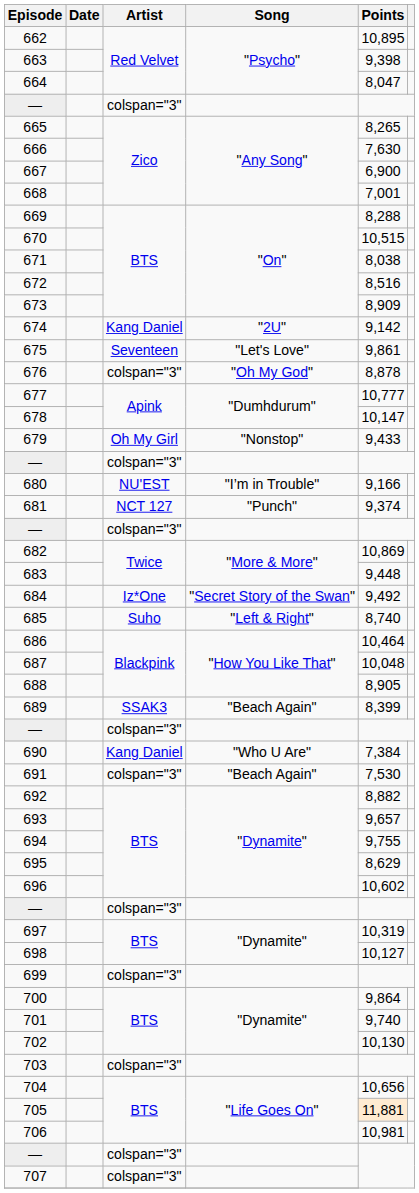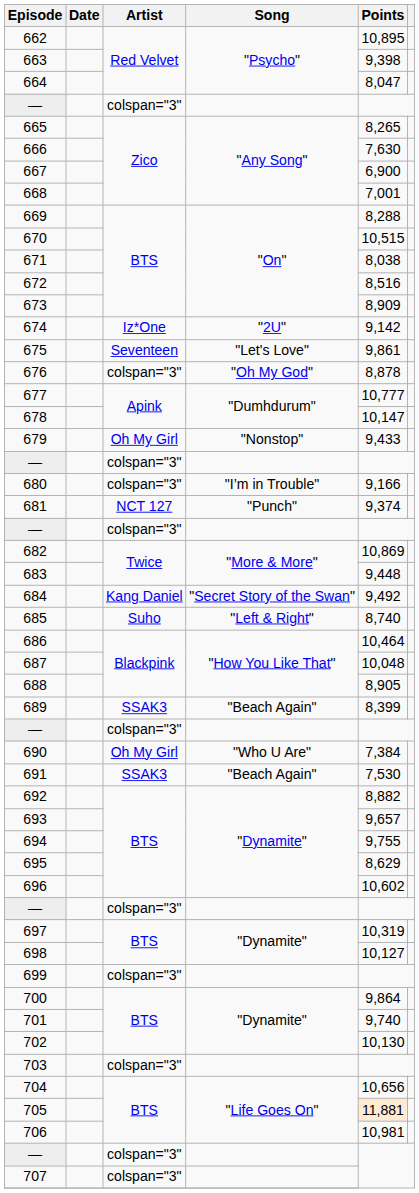 <table class="sortable wikitable" style="text-align:center">
 <tr>
 <th>Episode</th>
 <th>Date</th>
 <th>Artist</th>
 <th>Song</th>
 <th>Points</th>
 <th class="unsortable"></th>
 </tr>
 <tr>
 <td>662</td>
 <td></td>
 <td rowspan="3"><a href='#'>Red Velvet</a></td>
 <td rowspan="3">"<a href='#'>Psycho</a>"</td>
 <td>10,895</td>
 <td></td>
 </tr>
 <tr>
 <td>663</td>
 <td></td>
 <td>9,398</td>
 <td></td>
 </tr>
 <tr>
 <td>664</td>
 <td></td>
 <td>8,047</td>
 <td></td>
 </tr>
 <tr>
 <td style="background:#eee">—</td>
 <td></td>
 <td>colspan="3" </td>
 <td></td>
 </tr>
 <tr>
 <td>665</td>
 <td></td>
 <td rowspan="4"><a href='#'>Zico</a></td>
 <td rowspan="4">"<a href='#'>Any Song</a>"</td>
 <td>8,265</td>
 <td></td>
 </tr>
 <tr>
 <td>666</td>
 <td></td>
 <td>7,630</td>
 <td></td>
 </tr>
 <tr>
 <td>667</td>
 <td></td>
 <td>6,900</td>
 <td></td>
 </tr>
 <tr>
 <td>668</td>
 <td></td>
 <td>7,001</td>
 <td></td>
 </tr>
 <tr>
 <td>669</td>
 <td></td>
 <td rowspan="5"><a href='#'>BTS</a></td>
 <td rowspan="5">"<a href='#'>On</a>"</td>
 <td>8,288</td>
 <td></td>
 </tr>
 <tr>
 <td>670</td>
 <td></td>
 <td>10,515</td>
 <td></td>
 </tr>
 <tr>
 <td>671</td>
 <td></td>
 <td>8,038</td>
 <td></td>
 </tr>
 <tr>
 <td>672</td>
 <td></td>
 <td>8,516</td>
 <td></td>
 </tr>
 <tr>
 <td>673</td>
 <td></td>
 <td>8,909</td>
 <td></td>
 </tr>
 <tr>
 <td>674</td>
 <td></td>
-<td><a href='#'>Kang Daniel</a></td>
+<td><a href='#'>Iz*One</a></td>
 <td>"<a href='#'>2U</a>"</td>
 <td>9,142</td>
 <td></td>
 </tr>
 <tr>
 <td>675</td>
 <td></td>
 <td><a href='#'>Seventeen</a></td>
 <td>"Let's Love"</td>
 <td>9,861</td>
 <td></td>
 </tr>
 <tr>
 <td>676</td>
 <td></td>
 <td>colspan="3" </td>
 <td>"<a href='#'>Oh My God</a>"</td>
 <td>8,878</td>
 <td></td>
 </tr>
 <tr>
 <td>677</td>
 <td></td>
 <td rowspan="2"><a href='#'>Apink</a></td>
 <td rowspan="2">"Dumhdurum"</td>
 <td>10,777</td>
 <td></td>
 </tr>
 <tr>
 <td>678</td>
 <td></td>
 <td>10,147</td>
 <td></td>
 </tr>
 <tr>
 <td>679</td>
 <td></td>
 <td><a href='#'>Oh My Girl</a></td>
 <td>"Nonstop"</td>
 <td>9,433</td>
 <td></td>
 </tr>
 <tr>
 <td style="background:#eee">—</td>
 <td></td>
 <td>colspan="3" </td>
 <td></td>
 </tr>
 <tr>
 <td>680</td>
 <td></td>
-<td><a href='#'>NU'EST</a></td>
+<td>colspan="3" </td>
 <td>"I’m in Trouble"</td>
 <td>9,166</td>
 <td></td>
 </tr>
 <tr>
 <td>681</td>
 <td></td>
 <td><a href='#'>NCT 127</a></td>
 <td>"Punch"</td>
 <td>9,374</td>
 <td></td>
 </tr>
 <tr>
 <td style="background:#eee">—</td>
 <td></td>
 <td>colspan="3" </td>
 <td></td>
 </tr>
 <tr>
 <td>682</td>
 <td></td>
 <td rowspan="2"><a href='#'>Twice</a></td>
 <td rowspan="2">"<a href='#'>More & More</a>"</td>
 <td>10,869</td>
 <td></td>
 </tr>
 <tr>
 <td>683</td>
 <td></td>
 <td>9,448</td>
 <td></td>
 </tr>
 <tr>
 <td>684</td>
 <td></td>
-<td><a href='#'>Iz*One</a></td>
+<td><a href='#'>Kang Daniel</a></td>
 <td>"<a href='#'>Secret Story of the Swan</a>"</td>
 <td>9,492</td>
 <td></td>
 </tr>
 <tr>
 <td>685</td>
 <td></td>
 <td><a href='#'>Suho</a></td>
 <td>"<a href='#'>Left & Right</a>"</td>
 <td>8,740</td>
 <td></td>
 </tr>
 <tr>
 <td>686</td>
 <td></td>
 <td rowspan="3"><a href='#'>Blackpink</a></td>
 <td rowspan="3">"<a href='#'>How You Like That</a>"</td>
 <td>10,464</td>
 <td></td>
 </tr>
 <tr>
 <td>687</td>
 <td></td>
 <td>10,048</td>
 <td></td>
 </tr>
 <tr>
 <td>688</td>
 <td></td>
 <td>8,905</td>
 <td></td>
 </tr>
 <tr>
 <td>689</td>
 <td></td>
 <td><a href='#'>SSAK3</a></td>
 <td>"Beach Again"</td>
 <td>8,399</td>
 <td></td>
 </tr>
 <tr>
 <td style="background:#eee">—</td>
 <td></td>
 <td>colspan="3" </td>
 <td></td>
 </tr>
 <tr>
 <td>690</td>
 <td></td>
-<td><a href='#'>Kang Daniel</a></td>
+<td><a href='#'>Oh My Girl</a></td>
 <td>"Who U Are"</td>
 <td>7,384</td>
 <td></td>
 </tr>
 <tr>
 <td>691</td>
 <td></td>
-<td>colspan="3" </td>
+<td><a href='#'>SSAK3</a></td>
 <td>"Beach Again"</td>
 <td>7,530</td>
 <td></td>
 </tr>
 <tr>
 <td>692</td>
 <td></td>
 <td rowspan="5"><a href='#'>BTS</a></td>
 <td rowspan="5">"<a href='#'>Dynamite</a>"</td>
 <td>8,882</td>
 <td></td>
 </tr>
 <tr>
 <td>693</td>
 <td></td>
 <td>9,657</td>
 <td></td>
 </tr>
 <tr>
 <td>694</td>
 <td></td>
 <td>9,755</td>
 <td></td>
 </tr>
 <tr>
 <td>695</td>
 <td></td>
 <td>8,629</td>
 <td></td>
 </tr>
 <tr>
 <td>696</td>
 <td></td>
 <td>10,602</td>
 <td></td>
 </tr>
 <tr>
 <td style="background:#eee">—</td>
 <td></td>
 <td>colspan="3" </td>
 <td></td>
 </tr>
 <tr>
 <td>697</td>
 <td></td>
 <td rowspan="2"><a href='#'>BTS</a></td>
 <td rowspan="2">"Dynamite"</td>
 <td>10,319</td>
 <td></td>
 </tr>
 <tr>
 <td>698</td>
 <td></td>
 <td>10,127</td>
 <td></td>
 </tr>
 <tr>
 <td>699</td>
 <td></td>
 <td>colspan="3" </td>
 <td></td>
 </tr>
 <tr>
 <td>700</td>
 <td></td>
 <td rowspan="3"><a href='#'>BTS</a></td>
 <td rowspan="3">"Dynamite"</td>
 <td>9,864</td>
 <td></td>
 </tr>
 <tr>
 <td>701</td>
 <td></td>
 <td>9,740</td>
 <td></td>
 </tr>
 <tr>
 <td>702</td>
 <td></td>
 <td>10,130</td>
 <td></td>
 </tr>
 <tr>
 <td>703</td>
 <td></td>
 <td>colspan="3" </td>
 <td></td>
 </tr>
 <tr>
 <td>704</td>
 <td></td>
 <td rowspan="3"><a href='#'>BTS</a></td>
 <td rowspan="3">"<a href='#'>Life Goes On</a>"</td>
 <td>10,656</td>
 <td></td>
 </tr>
 <tr>
 <td>705</td>
 <td></td>
 <td style="background: #ffebd2; ">11,881</td>
 <td></td>
 </tr>
 <tr>
 <td>706</td>
 <td></td>
 <td>10,981</td>
 <td></td>
 </tr>
 <tr>
 <td style="background:#eee">—</td>
 <td></td>
 <td>colspan="3" </td>
 <td></td>
 </tr>
 <tr>
 <td>707</td>
 <td></td>
 <td>colspan="3" </td>
 <td></td>
 </tr>
 <tr>
 </tr>
 </table>
